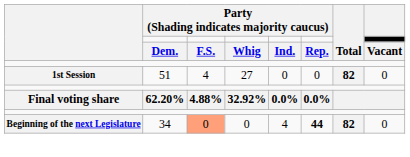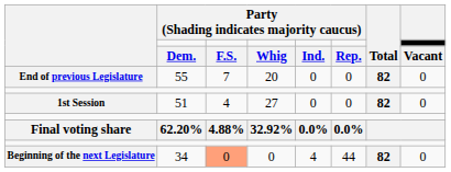 <table class=wikitable style="text-align:center">
 <tr style="vertical-align:bottom;">
 <th rowspan=3></th>
 <th colspan=5>Party <div>(Shading indicates majority caucus)</div></th>
 <th rowspan=3>Total</th>
 <th></th>
 </tr>
 <tr style="height:5px">
 <td style="background-color:"></td>
 <td style="background-color:"></td>
 <td style="background-color:"></td>
 <td style="background-color:"></td>
 <td style="background-color:"></td>
 <td style="background:black;"></td>
 </tr>
 <tr>
 <th><a href='#'>Dem.</a></th>
 <th><a href='#'>F.S.</a></th>
 <th><a href='#'>Whig</a></th>
 <th><a href='#'>Ind.</a></th>
 <th><a href='#'>Rep.</a></th>
 <th>Vacant</th>
+</tr>
+<tr>
+<th style="font-size:80%;">End of <a href='#'>previous Legislature</a></th>
+<td>55</td>
+<td>7</td>
+<td>20</td>
+<td>0</td>
+<td>0</td>
+<th>82</th>
+<td>0</td>
 </tr>
 <tr>
 <td colspan=8></td>
 </tr>
 <tr>
 <th style="font-size:80%;">1st Session</th>
 <td>51</td>
 <td>4</td>
 <td>27</td>
 <td>0</td>
 <td>0</td>
 <th>82</th>
 <td>0</td>
 </tr>
 <tr>
 <td colspan=8></td>
 </tr>
 <tr>
 <th>Final voting share</th>
 <th>62.20%</th>
 <th>4.88%</th>
 <th>32.92%</th>
 <th>0.0%</th>
 <th>0.0%</th>
 <th colspan=2></th>
 </tr>
 <tr>
 <td colspan=8></td>
 </tr>
 <tr>
 <th style="font-size:80%;">Beginning of the <a href='#'>next Legislature</a></th>
 <td>34</td>
 <td style="background: lightsalmon;">0</td>
 <td>0</td>
 <td>4</td>
-<td><strong>44</strong></td>
+<td>44</td>
 <th>82</th>
 <td>0</td>
 </tr>
 </table>
